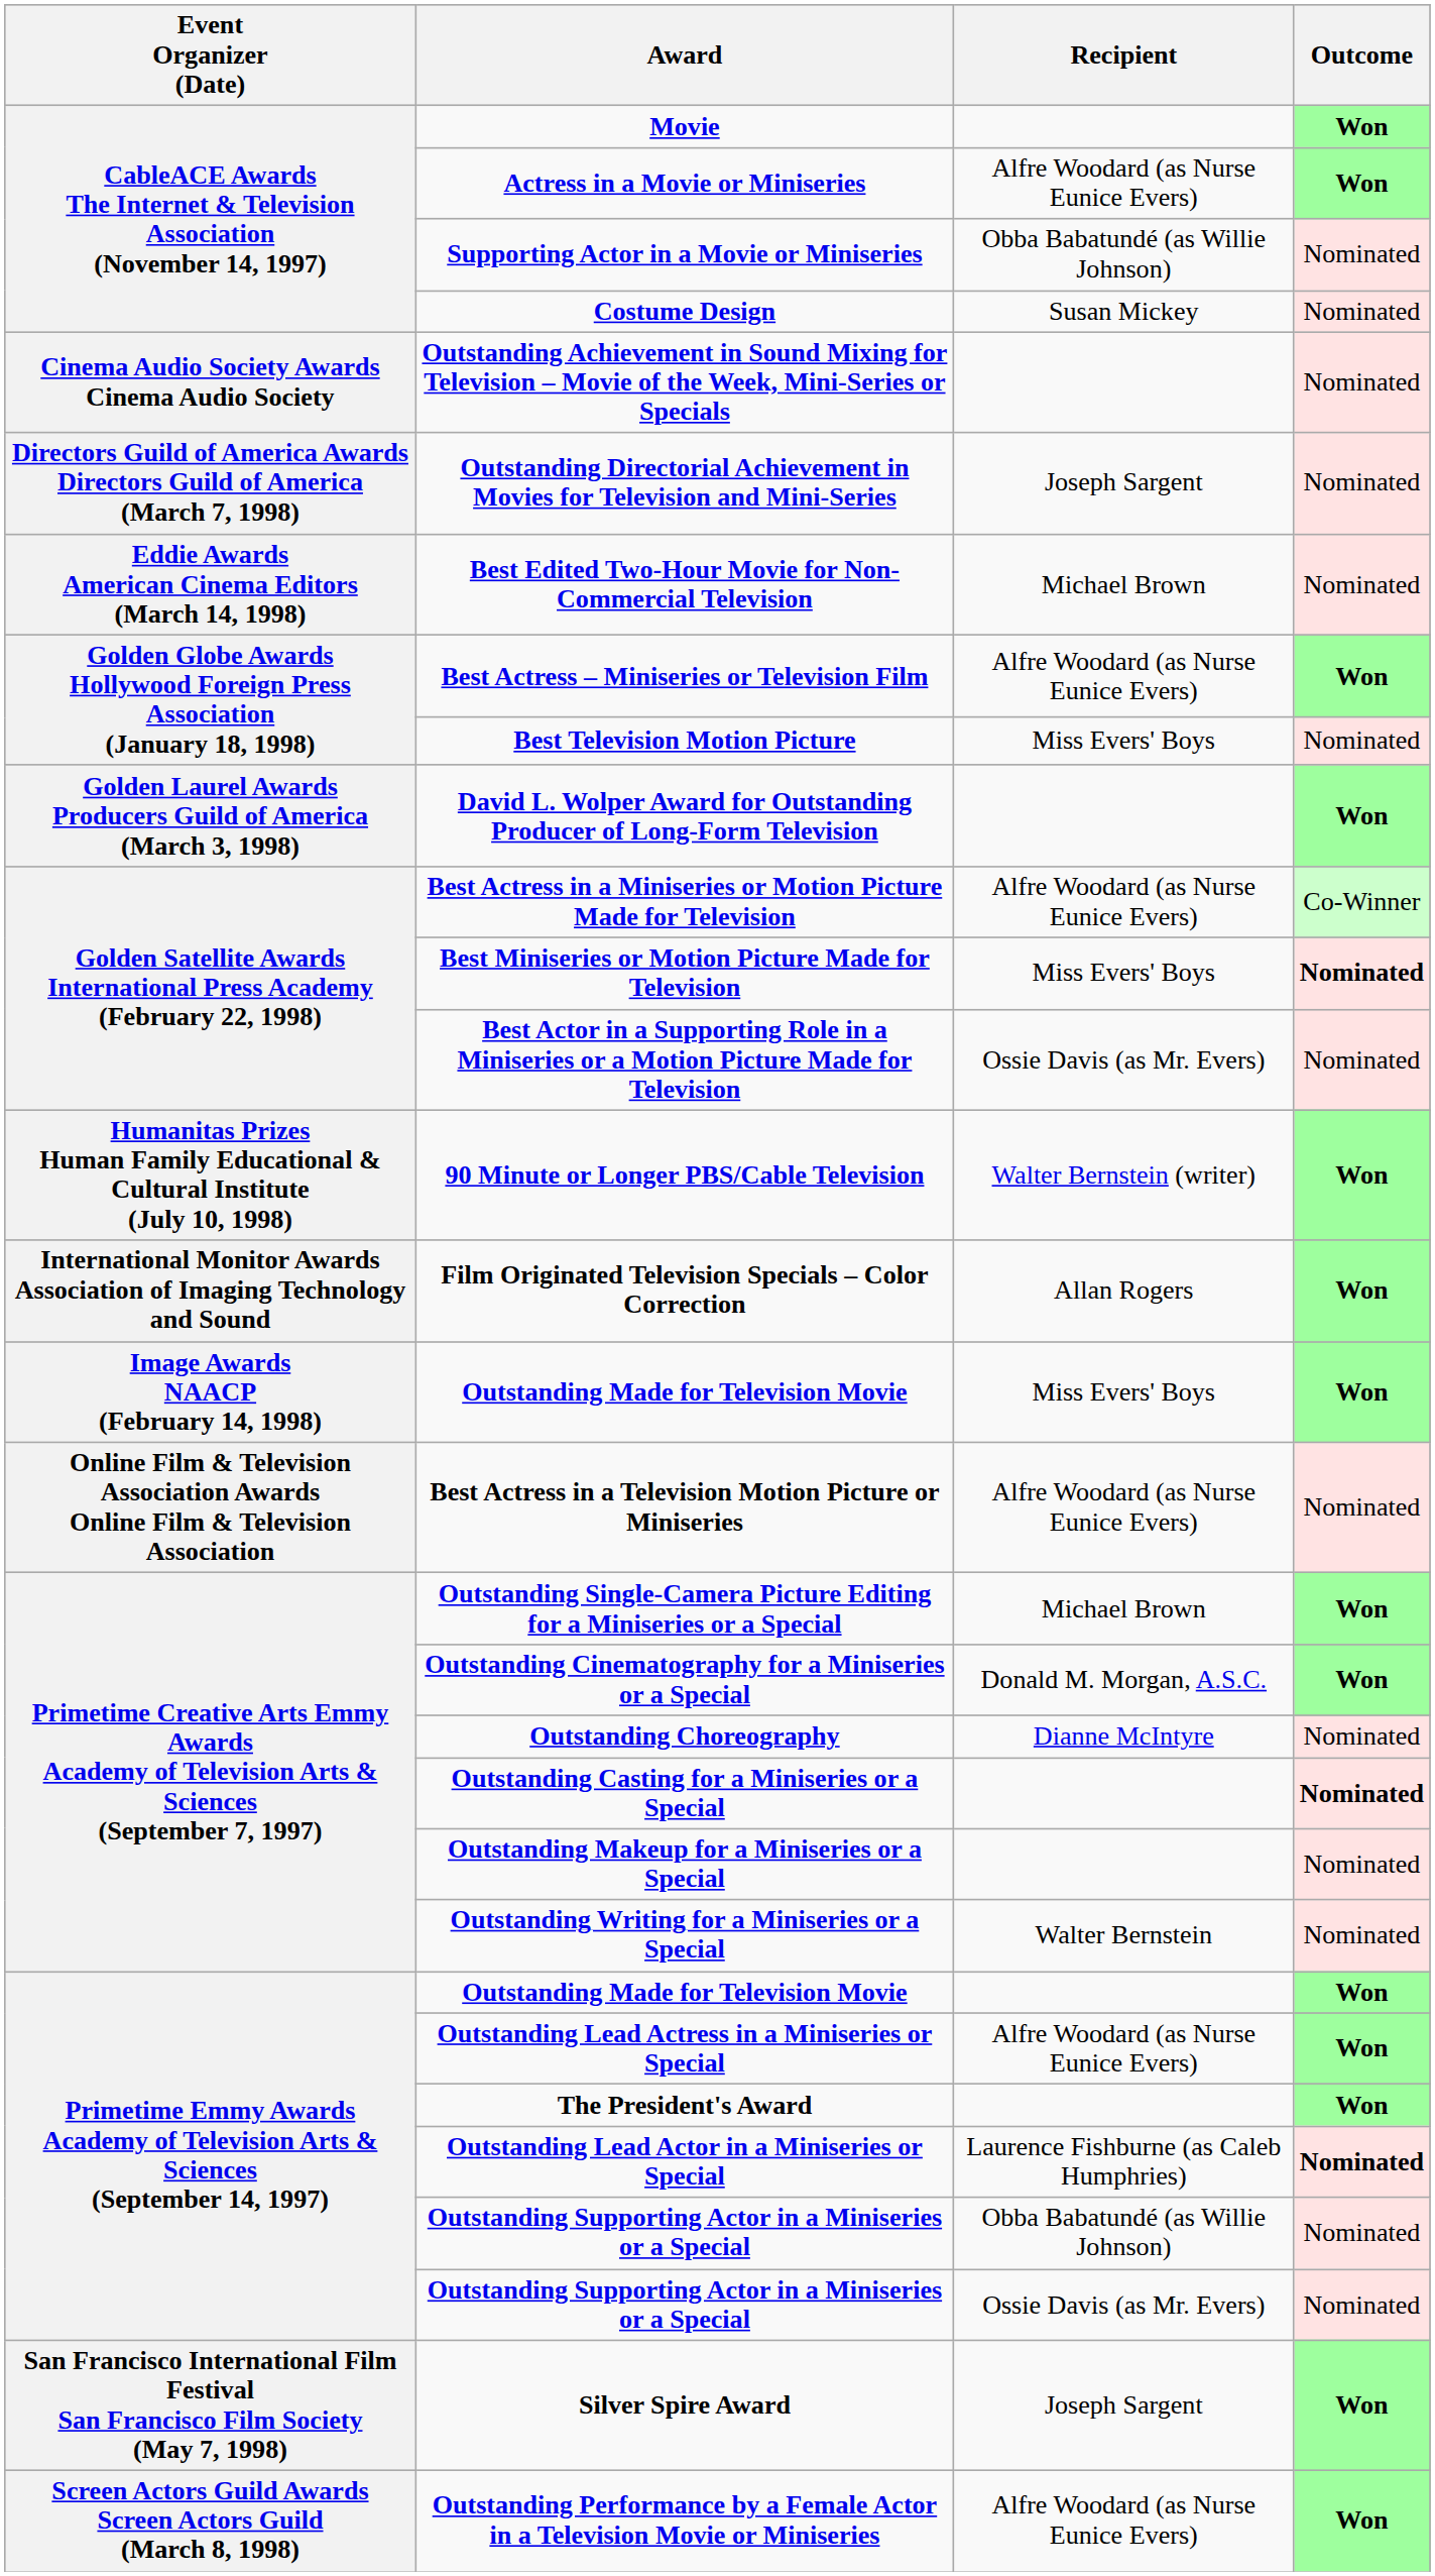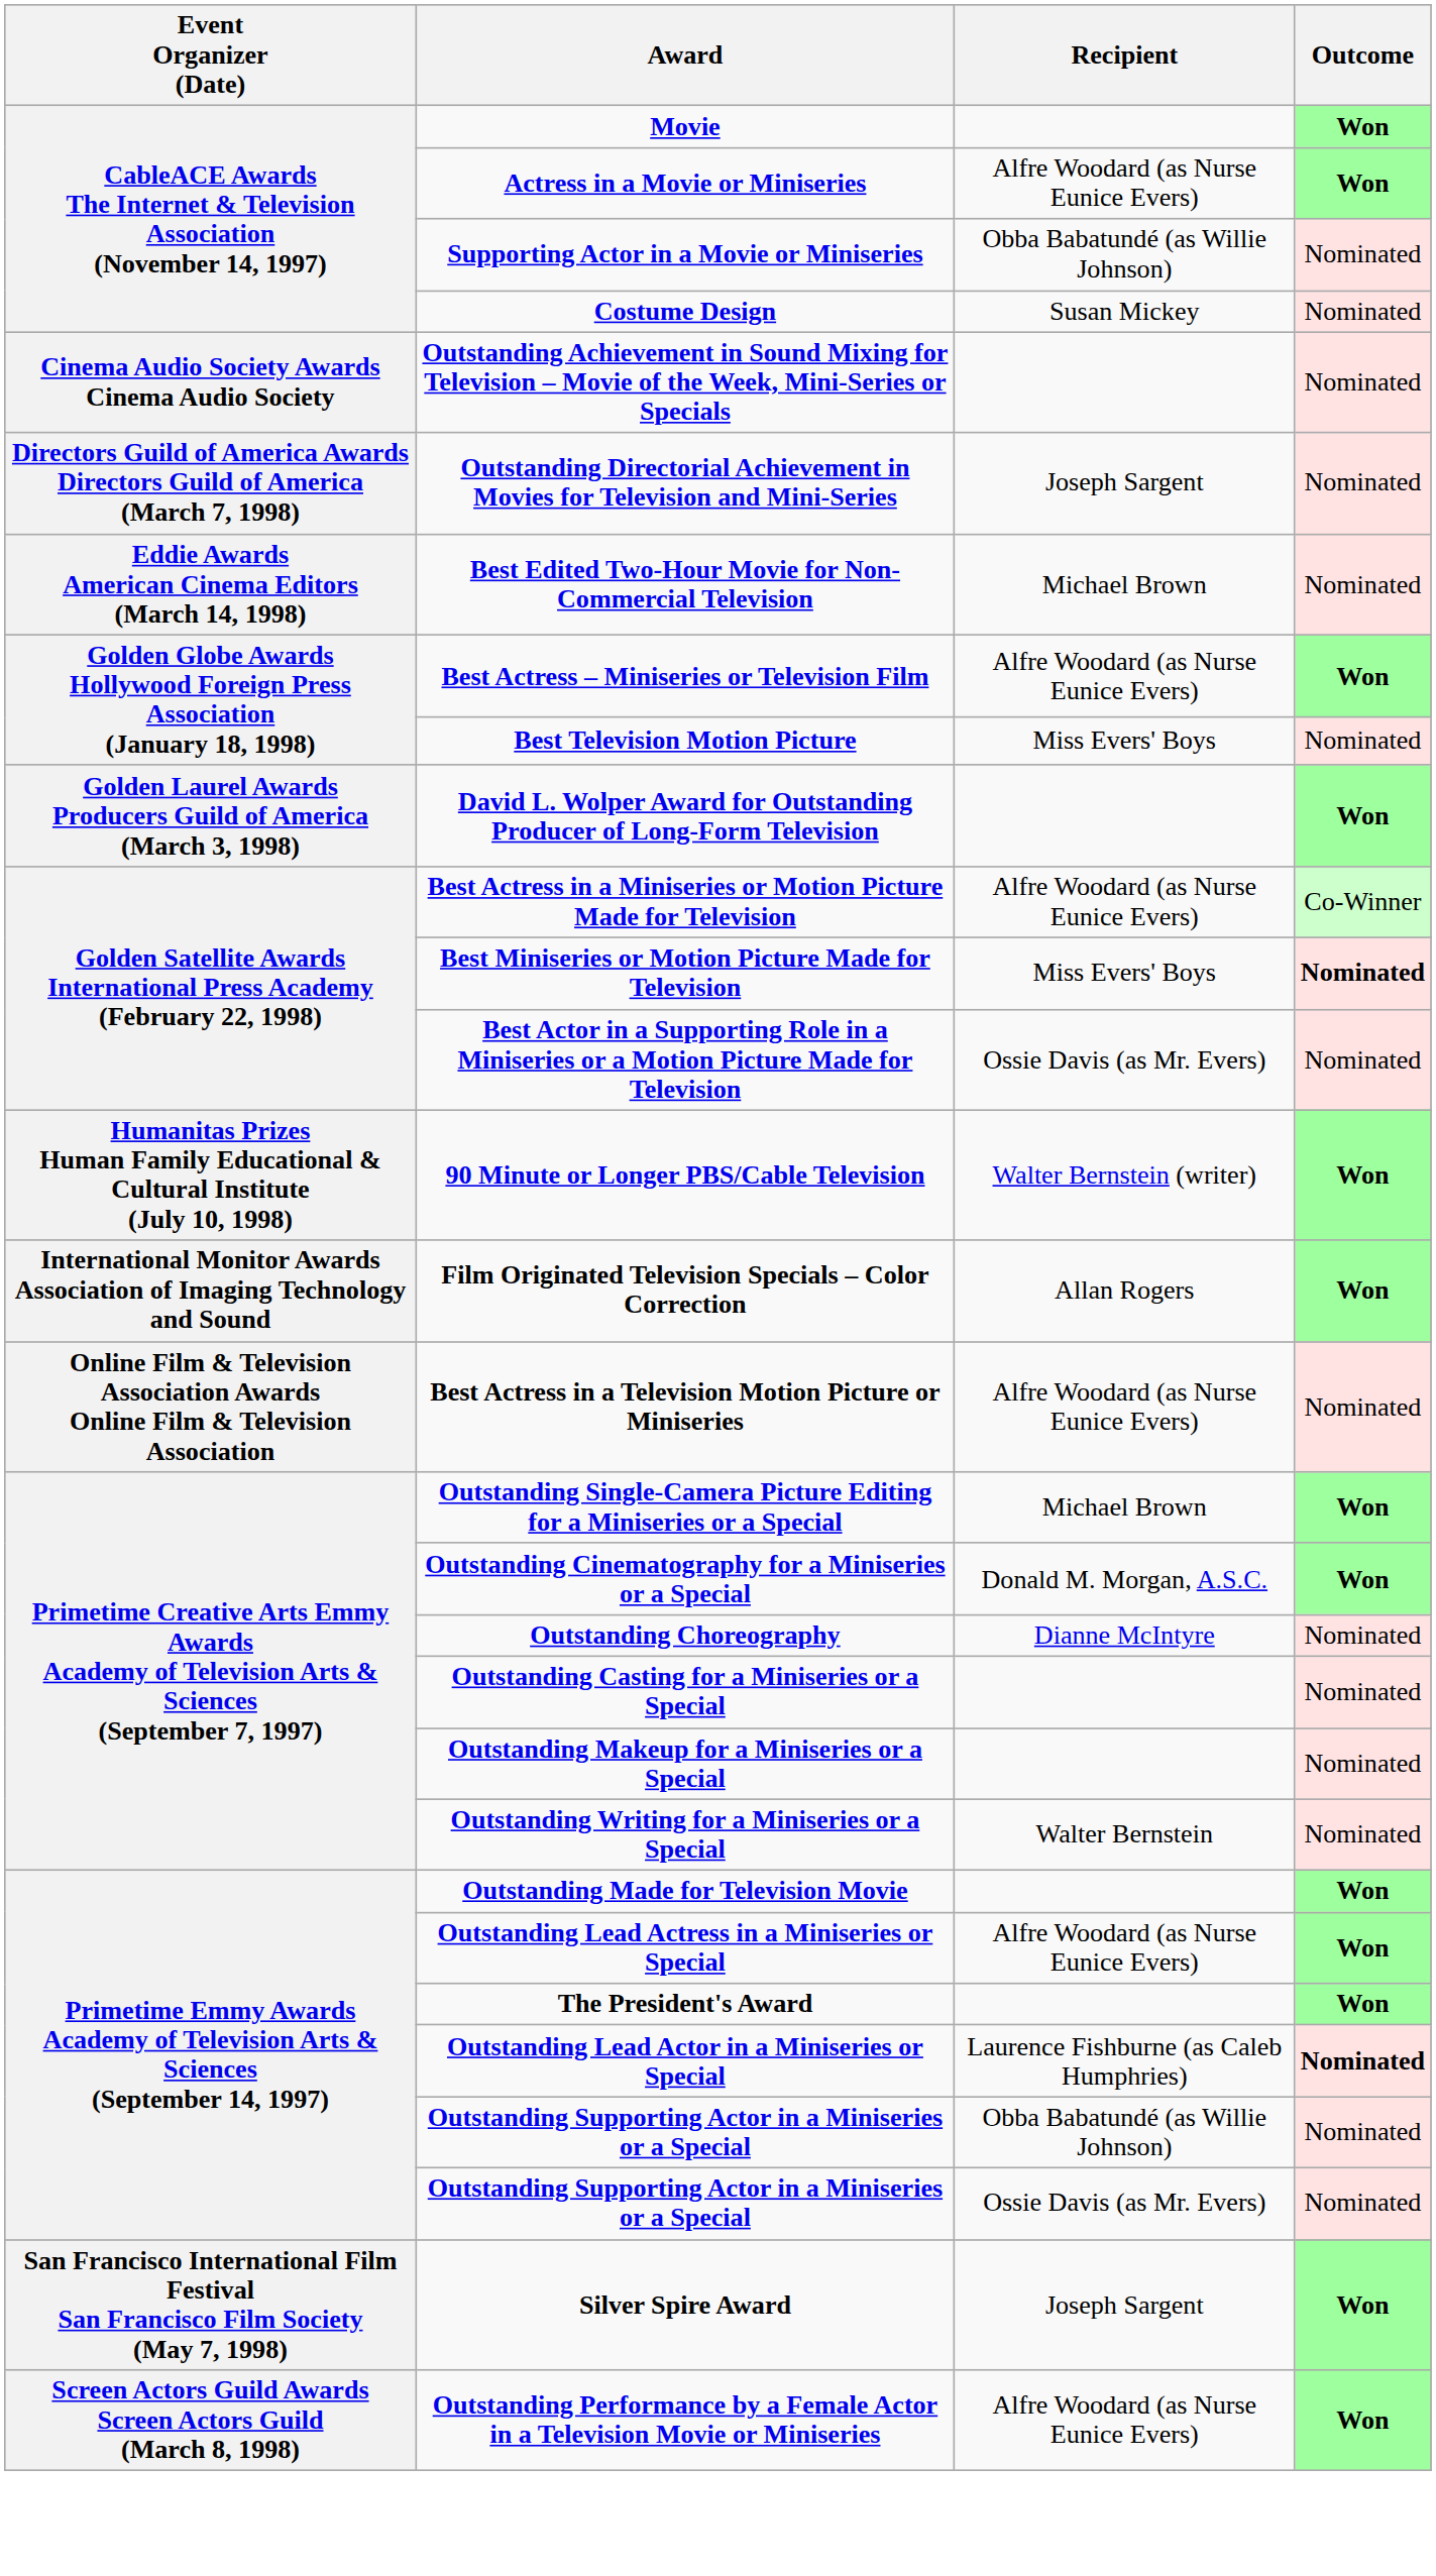 <table class="wikitable sortable" style="text-align: center;">
 <tr>
 <th scope="col" data-sort-tyle="text">Event<br><span>Organizer</span><br><span>(Date)</span></th>
 <th scope="col" style="width: 20em;">Award</th>
 <th scope="col">Recipient</th>
 <th scope="col" data-sort-type="number">Outcome</th>
 </tr>
 <tr>
 <th scope="row" rowspan="4" data-sort-value="CableACE Awards"> <a href='#'>CableACE Awards</a><br><span><a href='#'>The Internet & Television Association</a></span><br><span>(November 14, 1997)</span></th>
 <td><strong><a href='#'>Movie</a></strong></td>
 <td></td>
 <td class="yes table-yes2" data-sort-value="3" style="background-color: #9eff9e; color: #000; font-weight: 600; text-align: center; vertical-align: middle;">Won</td>
 </tr>
 <tr>
 <td><strong><a href='#'>Actress in a Movie or Miniseries</a></strong></td>
 <td>Alfre Woodard (as Nurse Eunice Evers)</td>
 <td class="yes table-yes2" data-sort-value="3" style="background-color: #9eff9e; color: #000; font-weight: 600; text-align: center; vertical-align: middle;">Won</td>
 </tr>
 <tr>
 <td><strong><a href='#'>Supporting Actor in a Movie or Miniseries</a></strong></td>
 <td>Obba Babatundé (as Willie Johnson)</td>
 <td class="no table-no2" data-sort-value="1" style="background-color: #ffe3e3; color: #000; text-align: center; vertical-align: middle;">Nominated</td>
 </tr>
 <tr>
 <td><strong><a href='#'>Costume Design</a></strong></td>
 <td>Susan Mickey</td>
 <td class="no table-no2" data-sort-value="1" style="background-color: #ffe3e3; color: #000; text-align: center; vertical-align: middle;">Nominated</td>
 </tr>
 <tr>
 <th scope="row" data-sort-value="Cinema Audio Society Awards"> <a href='#'>Cinema Audio Society Awards</a><br><span>Cinema Audio Society</span></th>
 <td><strong><a href='#'>Outstanding Achievement in Sound Mixing for Television – Movie of the Week, Mini-Series or Specials</a></strong></td>
 <td></td>
 <td class="no table-no2" data-sort-value="1" style="background-color: #ffe3e3; color: #000; text-align: center; vertical-align: middle;">Nominated</td>
 </tr>
 <tr>
 <th scope="row" data-sort-value="Directors Guild of America Awards"> <a href='#'>Directors Guild of America Awards</a><br><span><a href='#'>Directors Guild of America</a></span><br><span>(March 7, 1998)</span></th>
 <td><strong><a href='#'>Outstanding Directorial Achievement in Movies for Television and Mini-Series</a></strong></td>
 <td>Joseph Sargent</td>
 <td class="no table-no2" data-sort-value="1" style="background-color: #ffe3e3; color: #000; text-align: center; vertical-align: middle;">Nominated</td>
 </tr>
 <tr>
 <th scope="row" data-sort-value="Eddie Awards"> <a href='#'>Eddie Awards</a><br><span><a href='#'>American Cinema Editors</a></span><br><span>(March 14, 1998)</span></th>
 <td><strong><a href='#'>Best Edited Two-Hour Movie for Non-Commercial Television</a></strong></td>
 <td>Michael Brown</td>
 <td class="no table-no2" data-sort-value="1" style="background-color: #ffe3e3; color: #000; text-align: center; vertical-align: middle;">Nominated</td>
 </tr>
 <tr>
 <th scope="row" rowspan="2" data-sort-value="Golden Globe Awards"> <a href='#'>Golden Globe Awards</a><br><span><a href='#'>Hollywood Foreign Press Association</a></span><br><span>(January 18, 1998)</span></th>
 <td><strong><a href='#'>Best Actress – Miniseries or Television Film</a></strong></td>
 <td>Alfre Woodard (as Nurse Eunice Evers)</td>
 <td class="yes table-yes2" data-sort-value="3" style="background-color: #9eff9e; color: #000; font-weight: 600; text-align: center; vertical-align: middle;">Won</td>
 </tr>
 <tr>
 <td><strong><a href='#'>Best Television Motion Picture</a></strong></td>
 <td><span>Miss Evers' Boys</span></td>
 <td class="no table-no2" data-sort-value="1" style="background-color: #ffe3e3; color: #000; text-align: center; vertical-align: middle;">Nominated</td>
 </tr>
 <tr>
 <th scope="row" data-sort-value="Golden Laurel Awards"> <a href='#'>Golden Laurel Awards</a><br><span><a href='#'>Producers Guild of America</a></span><br><span>(March 3, 1998)</span></th>
 <td><strong><a href='#'>David L. Wolper Award for Outstanding Producer of Long-Form Television</a></strong></td>
 <td></td>
 <td class="yes table-yes2" data-sort-value="3" style="background-color: #9eff9e; color: #000; font-weight: 600; text-align: center; vertical-align: middle;">Won</td>
 </tr>
 <tr>
 <th scope="row" rowspan="3" data-sort-value="Golden Satellite Awards"> <a href='#'>Golden Satellite Awards</a><br><span><a href='#'>International Press Academy</a></span><br><span>(February 22, 1998)</span></th>
 <td><strong><a href='#'>Best Actress in a Miniseries or Motion Picture Made for Television</a></strong></td>
 <td>Alfre Woodard (as Nurse Eunice Evers)</td>
 <td class="yes table-yes2" data-sort-value="2" style="background-color: #cfc; font-weight: 500; text-align: center; vertical-align: middle;">Co-Winner</td>
 </tr>
 <tr>
 <td><strong><a href='#'>Best Miniseries or Motion Picture Made for Television</a></strong></td>
 <td><span>Miss Evers' Boys</span></td>
 <td class="no table-no2" data-sort-value="1" style="background-color: #ffe3e3; color: #000; text-align: center; vertical-align: middle;"><strong>Nominated</strong></td>
 </tr>
 <tr>
 <td><strong><a href='#'>Best Actor in a Supporting Role in a Miniseries or a Motion Picture Made for Television</a></strong></td>
 <td>Ossie Davis (as Mr. Evers)</td>
 <td class="no table-no2" data-sort-value="1" style="background-color: #ffe3e3; color: #000; text-align: center; vertical-align: middle;">Nominated</td>
 </tr>
 <tr>
 <th scope="row" data-sort-value="Humanitas Prizes"> <a href='#'>Humanitas Prizes</a><br><span>Human Family Educational & Cultural Institute</span><br><span>(July 10, 1998)</span></th>
 <td><strong><a href='#'>90 Minute or Longer PBS/Cable Television</a></strong></td>
 <td><a href='#'>Walter Bernstein</a> (writer)</td>
 <td class="yes table-yes2" data-sort-value="3" style="background-color: #9eff9e; color: #000; font-weight: 600; text-align: center; vertical-align: middle;">Won</td>
 </tr>
 <tr>
 <th scope="row" data-sort-value="International Monitor Awards"> International Monitor Awards<br><span>Association of Imaging Technology and Sound</span></th>
 <td><strong>Film Originated Television Specials – Color Correction</strong></td>
 <td>Allan Rogers</td>
 <td class="yes table-yes2" data-sort-value="3" style="background-color: #9eff9e; color: #000; font-weight: 600; text-align: center; vertical-align: middle;">Won</td>
 </tr>
 <tr>
-<th scope="row" data-sort-value="NAACP Image Awards"> <a href='#'>Image Awards</a><br><span><a href='#'>NAACP</a></span><br><span>(February 14, 1998)</span></th>
-<td><strong><a href='#'>Outstanding Made for Television Movie</a></strong></td>
-<td><span>Miss Evers' Boys</span></td>
-<td class="yes table-yes2" data-sort-value="3" style="background-color: #9eff9e; color: #000; font-weight: 600; text-align: center; vertical-align: middle;">Won</td>
-</tr>
-<tr>
 <th scope="row" data-sort-value="Online Film & Television Association Awards"> Online Film & Television Association Awards<br><span>Online Film & Television Association</span></th>
 <td><strong>Best Actress in a Television Motion Picture or Miniseries</strong></td>
 <td>Alfre Woodard (as Nurse Eunice Evers)</td>
 <td class="no table-no2" data-sort-value="1" style="background-color: #ffe3e3; color: #000; text-align: center; vertical-align: middle;">Nominated</td>
 </tr>
 <tr>
 <th scope="row" rowspan="6" data-sort-value="Primetime Creative Arts Emmy Awards"> <a href='#'>Primetime Creative Arts Emmy Awards</a><br><span><a href='#'>Academy of Television Arts & Sciences</a></span><br><span>(September 7, 1997)</span></th>
 <td><strong><a href='#'>Outstanding Single-Camera Picture Editing for a Miniseries or a Special</a></strong></td>
 <td>Michael Brown</td>
 <td class="yes table-yes2" data-sort-value="3" style="background-color: #9eff9e; color: #000; font-weight: 600; text-align: center; vertical-align: middle;">Won</td>
 </tr>
 <tr>
 <td><strong><a href='#'>Outstanding Cinematography for a Miniseries or a Special</a></strong></td>
 <td>Donald M. Morgan, <a href='#'>A.S.C.</a></td>
 <td class="yes table-yes2" data-sort-value="3" style="background-color: #9eff9e; color: #000; font-weight: 600; text-align: center; vertical-align: middle;">Won</td>
 </tr>
 <tr>
 <td><strong><a href='#'>Outstanding Choreography</a></strong></td>
 <td><a href='#'>Dianne McIntyre</a></td>
 <td class="no table-no2" data-sort-value="1" style="background-color: #ffe3e3; color: #000; text-align: center; vertical-align: middle;">Nominated</td>
 </tr>
 <tr>
 <td><strong><a href='#'>Outstanding Casting for a Miniseries or a Special</a></strong></td>
 <td></td>
-<td class="no table-no2" data-sort-value="1" style="background-color: #ffe3e3; color: #000; text-align: center; vertical-align: middle;"><strong>Nominated</strong></td>
+<td class="no table-no2" data-sort-value="1" style="background-color: #ffe3e3; color: #000; text-align: center; vertical-align: middle;">Nominated</td>
 </tr>
 <tr>
 <td><strong><a href='#'>Outstanding Makeup for a Miniseries or a Special</a></strong></td>
 <td></td>
 <td class="no table-no2" data-sort-value="1" style="background-color: #ffe3e3; color: #000; text-align: center; vertical-align: middle;">Nominated</td>
 </tr>
 <tr>
 <td><strong><a href='#'>Outstanding Writing for a Miniseries or a Special</a></strong></td>
 <td>Walter Bernstein</td>
 <td class="no table-no2" data-sort-value="1" style="background-color: #ffe3e3; color: #000; text-align: center; vertical-align: middle;">Nominated</td>
 </tr>
 <tr>
 <th scope="row" rowspan="6" data-sort-value="Primetime Emmy Awards"> <a href='#'>Primetime Emmy Awards</a><br><span><a href='#'>Academy of Television Arts & Sciences</a></span><br><span>(September 14, 1997)</span></th>
 <td><strong><a href='#'>Outstanding Made for Television Movie</a></strong></td>
 <td></td>
 <td class="yes table-yes2" data-sort-value="3" style="background-color: #9eff9e; color: #000; font-weight: 600; text-align: center; vertical-align: middle;">Won</td>
 </tr>
 <tr>
 <td><strong><a href='#'>Outstanding Lead Actress in a Miniseries or Special</a></strong></td>
 <td>Alfre Woodard (as Nurse Eunice Evers)</td>
 <td class="yes table-yes2" data-sort-value="3" style="background-color: #9eff9e; color: #000; font-weight: 600; text-align: center; vertical-align: middle;">Won</td>
 </tr>
 <tr>
 <td><strong>The President's Award</strong></td>
 <td></td>
 <td class="yes table-yes2" data-sort-value="3" style="background-color: #9eff9e; color: #000; font-weight: 600; text-align: center; vertical-align: middle;">Won</td>
 </tr>
 <tr>
 <td><strong><a href='#'>Outstanding Lead Actor in a Miniseries or Special</a></strong></td>
 <td>Laurence Fishburne (as Caleb Humphries)</td>
 <td class="no table-no2" data-sort-value="1" style="background-color: #ffe3e3; color: #000; text-align: center; vertical-align: middle;"><strong>Nominated</strong></td>
 </tr>
 <tr>
 <td><strong><a href='#'>Outstanding Supporting Actor in a Miniseries or a Special</a></strong></td>
 <td>Obba Babatundé (as Willie Johnson)</td>
 <td class="no table-no2" data-sort-value="1" style="background-color: #ffe3e3; color: #000; text-align: center; vertical-align: middle;">Nominated</td>
 </tr>
 <tr>
 <td><strong><a href='#'>Outstanding Supporting Actor in a Miniseries or a Special</a></strong></td>
 <td>Ossie Davis (as Mr. Evers)</td>
 <td class="no table-no2" data-sort-value="1" style="background-color: #ffe3e3; color: #000; text-align: center; vertical-align: middle;">Nominated</td>
 </tr>
 <tr>
 <th scope="row" data-sort-value="San Francisco International Film Festival Awards"> San Francisco International Film Festival<br><span><a href='#'>San Francisco Film Society</a></span><br><span>(May 7, 1998)</span></th>
 <td><strong>Silver Spire Award</strong></td>
 <td>Joseph Sargent</td>
 <td class="yes table-yes2" data-sort-value="3" style="background-color: #9eff9e; color: #000; font-weight: 600; text-align: center; vertical-align: middle;">Won</td>
 </tr>
 <tr>
 <th scope="row" data-sort-value="Screen Actors Guild Awards"> <a href='#'>Screen Actors Guild Awards</a><br><span><a href='#'>Screen Actors Guild</a></span><br><span>(March 8, 1998)</span></th>
 <td><strong><a href='#'>Outstanding Performance by a Female Actor in a Television Movie or Miniseries</a></strong></td>
 <td>Alfre Woodard (as Nurse Eunice Evers)</td>
 <td class="yes table-yes2" data-sort-value="3" style="background-color: #9eff9e; color: #000; font-weight: 600; text-align: center; vertical-align: middle;">Won</td>
 </tr>
 </table>
